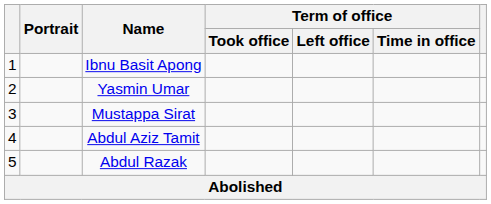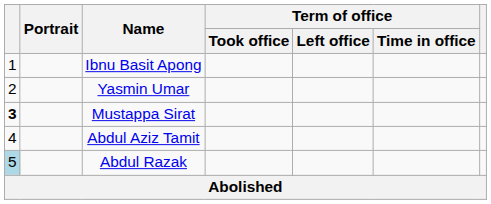 <table class="wikitable" style="text-align:center">
 <tr>
 <th rowspan="2"></th>
 <th rowspan="2">Portrait</th>
 <th rowspan="2">Name<br></th>
 <th colspan="3">Term of office</th>
 <th rowspan="2"></th>
 </tr>
 <tr>
 <th>Took office</th>
 <th>Left office</th>
 <th>Time in office</th>
 </tr>
 <tr>
 <td>1</td>
 <td></td>
 <td><a href='#'>Ibnu Basit Apong</a><br></td>
 <td></td>
 <td></td>
 <td></td>
 <td></td>
 </tr>
 <tr>
 <td>2</td>
 <td></td>
 <td><a href='#'>Yasmin Umar</a><br></td>
 <td></td>
 <td></td>
 <td></td>
 <td></td>
 </tr>
 <tr>
-<td>3</td>
+<td><strong>3</strong></td>
 <td></td>
 <td><a href='#'>Mustappa Sirat</a><br></td>
 <td></td>
 <td></td>
 <td></td>
 <td></td>
 </tr>
 <tr>
 <td>4</td>
 <td></td>
 <td><a href='#'>Abdul Aziz Tamit</a><br></td>
 <td></td>
 <td></td>
 <td></td>
 <td></td>
 </tr>
 <tr>
-<td>5</td>
+<td style="background: lightblue;">5</td>
 <td></td>
 <td><a href='#'>Abdul Razak</a><br></td>
 <td></td>
 <td></td>
 <td></td>
 <td><br></td>
 </tr>
 <tr>
 <th colspan=7>Abolished</th>
 </tr>
 </table>
